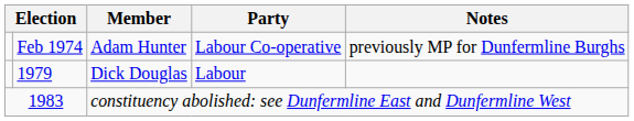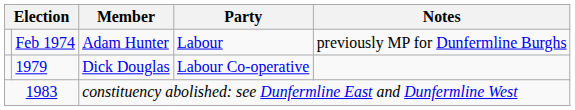 <table class="wikitable">
 <tr>
 <th colspan="2">Election</th>
 <th>Member</th>
 <th>Party</th>
 <th>Notes</th>
 </tr>
 <tr>
 <td style="color:inherit;background-color: "></td>
 <td><a href='#'>Feb 1974</a></td>
 <td><a href='#'>Adam Hunter</a></td>
-<td><a href='#'>Labour Co-operative</a></td>
+<td><a href='#'>Labour</a></td>
 <td>previously MP for <a href='#'>Dunfermline Burghs</a></td>
 </tr>
 <tr>
 <td style="color:inherit;background-color: "></td>
 <td><a href='#'>1979</a></td>
 <td><a href='#'>Dick Douglas</a></td>
-<td><a href='#'>Labour</a></td>
+<td><a href='#'>Labour Co-operative</a></td>
 </tr>
 <tr>
 <td colspan="2" align="center"><a href='#'>1983</a></td>
 <td colspan="3"><em>constituency abolished: see <a href='#'>Dunfermline East</a> and <a href='#'>Dunfermline West</a></em></td>
 </tr>
 </table>
